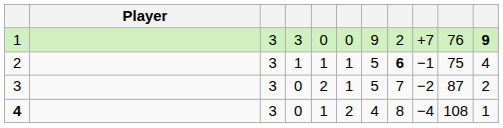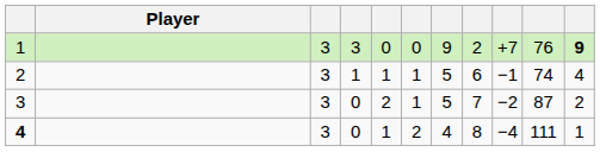 <table class="wikitable" style="text-align:center; margin: 1em auto 1em auto, align:left">
 <tr>
 <th width=20></th>
 <th width=240>Player</th>
 <th width=20></th>
 <th width=20></th>
 <th width=20></th>
 <th width=20></th>
 <th width=20></th>
 <th width=20></th>
 <th width=20></th>
 <th width=30></th>
 <th width=20></th>
 </tr>
 <tr style="background:#D0F0C0;">
 <td>1</td>
 <td align=left></td>
 <td>3</td>
 <td>3</td>
 <td>0</td>
 <td>0</td>
 <td>9</td>
 <td>2</td>
 <td>+7</td>
 <td>76</td>
 <td><strong>9</strong></td>
 </tr>
 <tr style=>
 <td>2</td>
 <td align=left></td>
 <td>3</td>
 <td>1</td>
 <td>1</td>
 <td>1</td>
 <td>5</td>
-<td><strong>6</strong></td>
+<td>6</td>
 <td>−1</td>
-<td>75</td>
+<td>74</td>
 <td>4</td>
 </tr>
 <tr style=>
 <td>3</td>
 <td align=left></td>
 <td>3</td>
 <td>0</td>
 <td>2</td>
 <td>1</td>
 <td>5</td>
 <td>7</td>
 <td>−2</td>
 <td>87</td>
 <td>2</td>
 </tr>
 <tr style=>
 <td><strong>4</strong></td>
 <td align=left></td>
 <td>3</td>
 <td>0</td>
 <td>1</td>
 <td>2</td>
 <td>4</td>
 <td>8</td>
 <td>−4</td>
-<td>108</td>
+<td>111</td>
 <td>1</td>
 </tr>
 </table>
